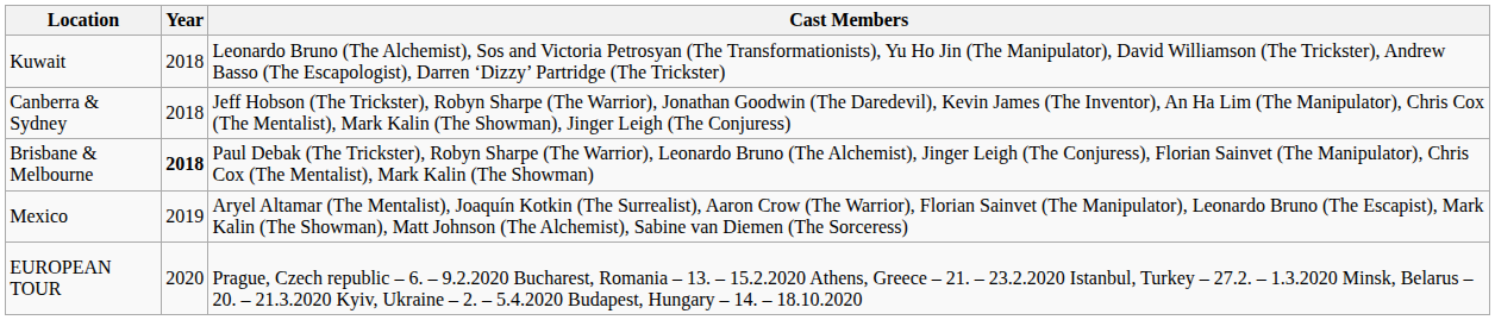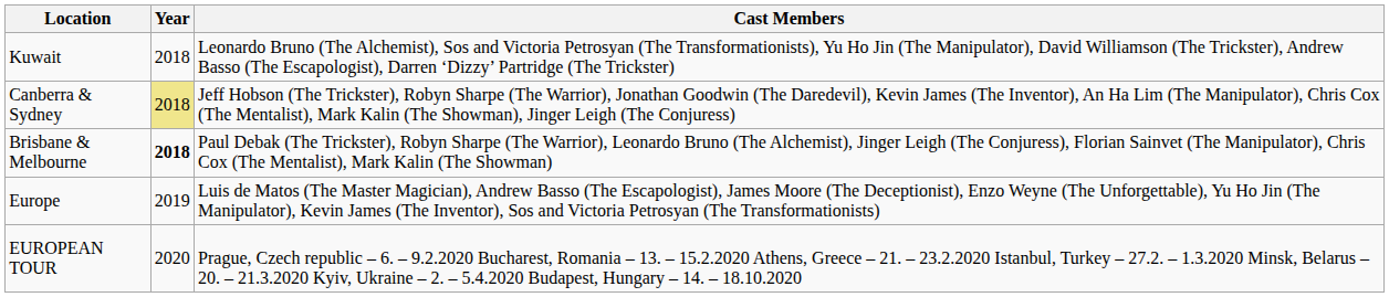 <table class="wikitable">
 <tr>
 <th>Location</th>
 <th>Year</th>
 <th>Cast Members</th>
 </tr>
 <tr>
 <td>Kuwait</td>
 <td style="text-align:left">2018</td>
 <td>Leonardo Bruno (The Alchemist), Sos and Victoria Petrosyan (The Transformationists), Yu Ho Jin (The Manipulator), David Williamson (The Trickster), Andrew Basso (The Escapologist), Darren ‘Dizzy’ Partridge (The Trickster)</td>
 </tr>
 <tr>
 <td>Canberra & Sydney</td>
-<td style="text-align:left">2018</td>
+<td style="background: khaki; text-align:left">2018</td>
 <td>Jeff Hobson (The Trickster), Robyn Sharpe (The Warrior), Jonathan Goodwin (The Daredevil), Kevin James (The Inventor), An Ha Lim (The Manipulator), Chris Cox (The Mentalist), Mark Kalin (The Showman), Jinger Leigh (The Conjuress)</td>
 </tr>
 <tr>
 <td>Brisbane & Melbourne</td>
 <td style="text-align:left"><strong>2018</strong></td>
 <td>Paul Debak (The Trickster), Robyn Sharpe (The Warrior), Leonardo Bruno (The Alchemist), Jinger Leigh (The Conjuress), Florian Sainvet (The Manipulator), Chris Cox (The Mentalist), Mark Kalin (The Showman)</td>
 </tr>
 <tr>
-<td>Mexico</td>
+<td>Europe</td>
 <td style="text-align:left">2019</td>
-<td>Aryel Altamar (The Mentalist), Joaquín Kotkin (The Surrealist), Aaron Crow (The Warrior), Florian Sainvet (The Manipulator), Leonardo Bruno (The Escapist), Mark Kalin (The Showman), Matt Johnson (The Alchemist), Sabine van Diemen (The Sorceress)</td>
+<td>Luis de Matos (The Master Magician), Andrew Basso (The Escapologist), James Moore (The Deceptionist), Enzo Weyne (The Unforgettable), Yu Ho Jin (The Manipulator), Kevin James (The Inventor), Sos and Victoria Petrosyan (The Transformationists)</td>
 </tr>
 <tr>
 <td>EUROPEAN TOUR</td>
 <td>2020</td>
 <td><br>Prague, Czech republic – 6. – 9.2.2020 Bucharest, Romania – 13. – 15.2.2020 Athens, Greece – 21. – 23.2.2020 Istanbul, Turkey – 27.2. – 1.3.2020 Minsk, Belarus – 20. – 21.3.2020 Kyiv, Ukraine – 2. – 5.4.2020 Budapest, Hungary – 14. – 18.10.2020</td>
 </tr>
 </table>
